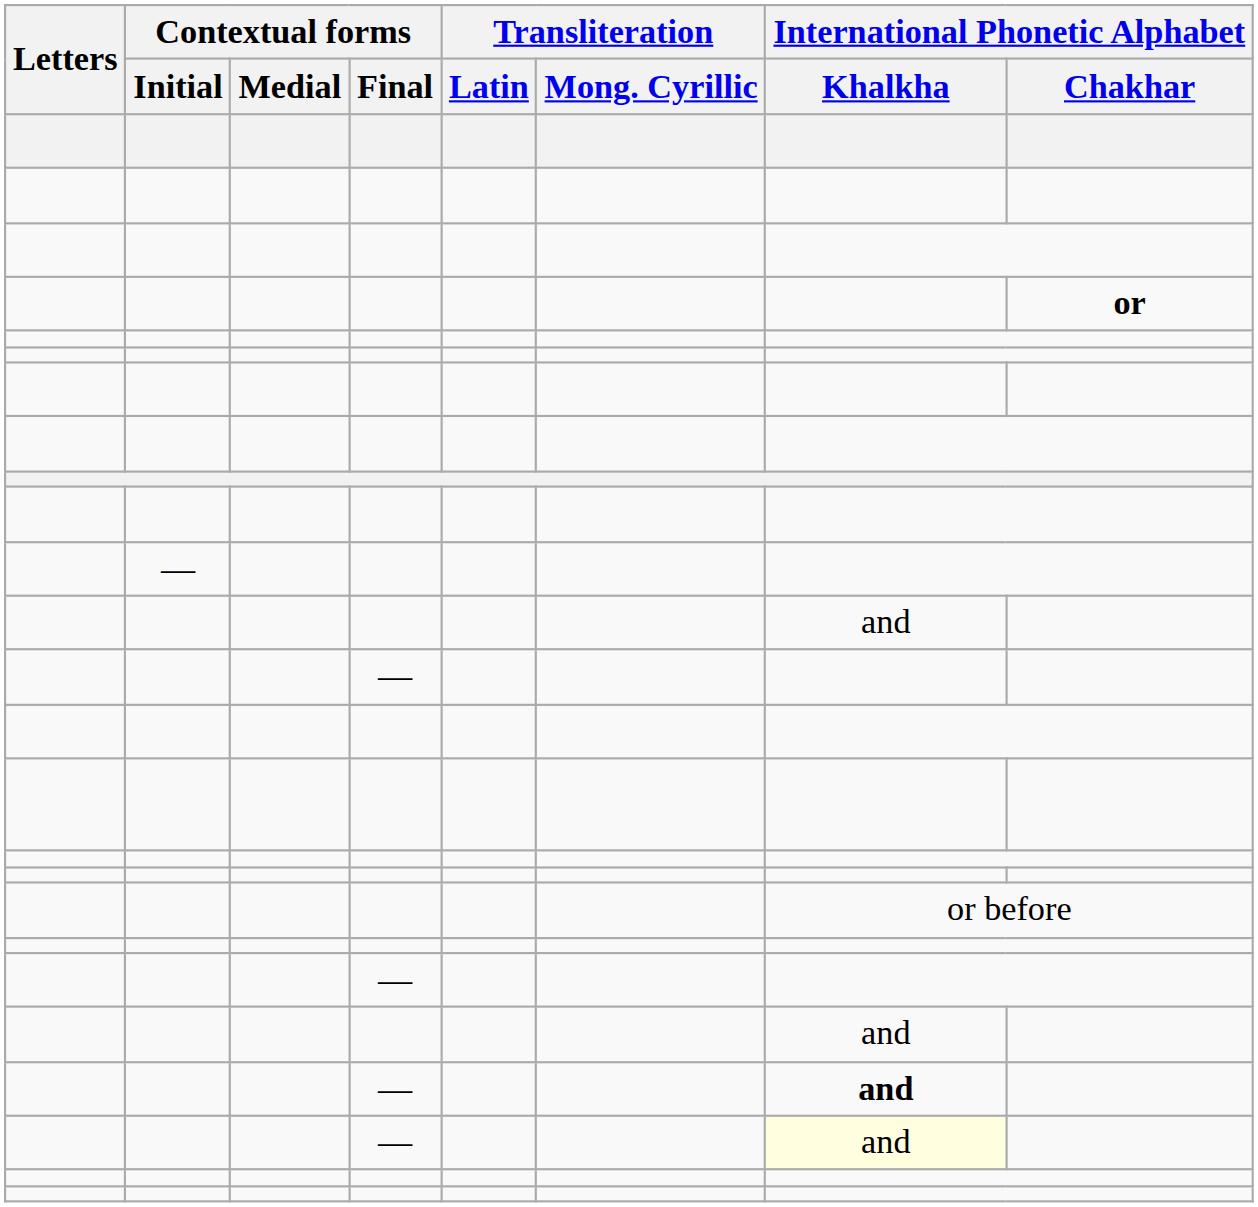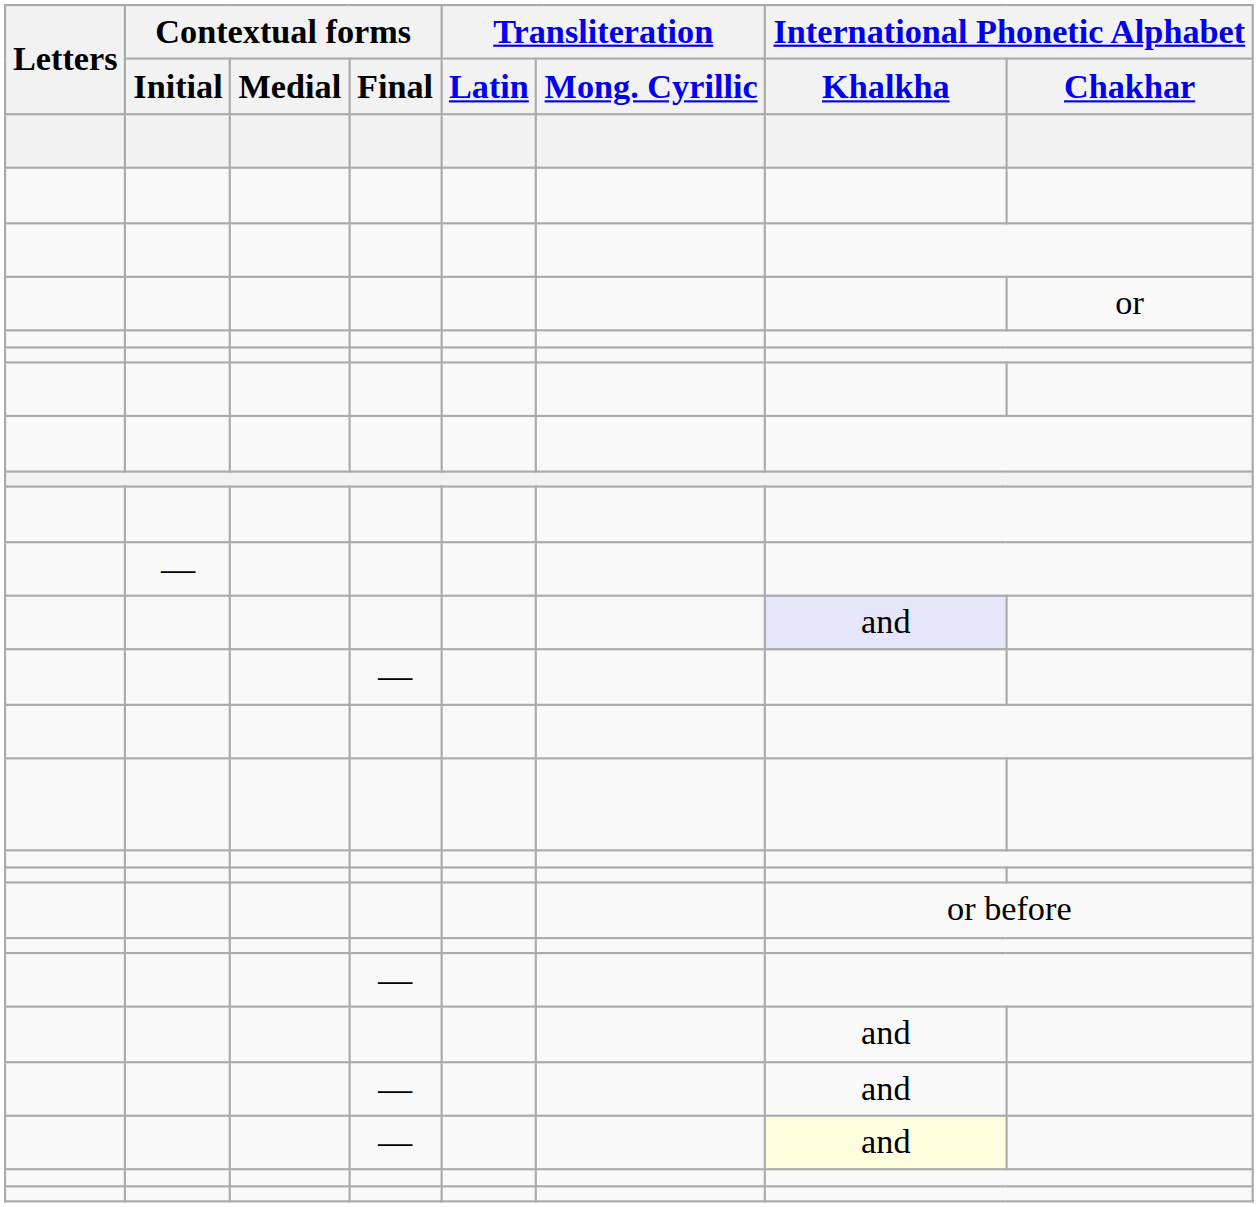 <table class="wikitable sortable" style="text-align:center;">
 <tr>
 <th rowspan="2">Letters</th>
 <th colspan="3">Contextual forms</th>
 <th colspan="2"><a href='#'>Transliteration</a></th>
 <th colspan="2"><a href='#'>International Phonetic Alphabet</a></th>
 </tr>
 <tr>
 <th>Initial</th>
 <th>Medial</th>
 <th>Final</th>
 <th><a href='#'>Latin</a></th>
 <th><a href='#'>Mong. Cyrillic</a></th>
 <th><a href='#'>Khalkha</a></th>
 <th><a href='#'>Chakhar</a></th>
 </tr>
 <tr>
 <th> </th>
 <th></th>
 <th></th>
 <th></th>
 <th></th>
 <th></th>
 <th></th>
 <th></th>
 </tr>
 <tr>
 <td></td>
 <td></td>
 <td></td>
 <td><br></td>
 <td></td>
 <td></td>
 <td></td>
 <td></td>
 </tr>
 <tr>
 <td></td>
 <td></td>
 <td></td>
 <td><br></td>
 <td></td>
 <td></td>
 <td colspan="2"></td>
 </tr>
 <tr>
 <td></td>
 <td></td>
 <td></td>
 <td></td>
 <td></td>
 <td></td>
 <td></td>
-<td><strong> or </strong></td>
+<td> or </td>
 </tr>
 <tr>
 <td></td>
 <td></td>
 <td></td>
 <td></td>
 <td></td>
 <td></td>
 <td colspan="2"></td>
 </tr>
 <tr>
 <td></td>
 <td></td>
 <td></td>
 <td></td>
 <td></td>
 <td></td>
 <td colspan="2"></td>
 </tr>
 <tr>
 <td></td>
 <td></td>
 <td><br></td>
 <td></td>
 <td></td>
 <td></td>
 <td></td>
 <td></td>
 </tr>
 <tr>
 <td></td>
 <td></td>
 <td><br></td>
 <td></td>
 <td></td>
 <td></td>
 <td colspan="2"></td>
 </tr>
 <tr>
 <th colspan="8"></th>
 </tr>
 <tr>
 <td></td>
 <td></td>
 <td><br></td>
 <td><br></td>
 <td></td>
 <td></td>
 <td colspan="2"></td>
 </tr>
 <tr>
 <td></td>
 <td>—</td>
 <td></td>
 <td></td>
 <td></td>
 <td></td>
 <td colspan="2"></td>
 </tr>
 <tr>
 <td></td>
 <td></td>
 <td></td>
 <td></td>
 <td></td>
 <td></td>
-<td> and </td>
+<td style="background: lavender;"> and </td>
 <td></td>
 </tr>
 <tr>
 <td></td>
 <td></td>
 <td></td>
 <td>—</td>
 <td></td>
 <td></td>
 <td></td>
 <td></td>
 </tr>
 <tr>
 <td></td>
 <td><br></td>
 <td><br></td>
 <td></td>
 <td><br></td>
 <td></td>
 <td colspan="2"></td>
 </tr>
 <tr>
 <td></td>
 <td><br></td>
 <td><br><br></td>
 <td><br><br></td>
 <td><br></td>
 <td></td>
 <td></td>
 <td></td>
 </tr>
 <tr>
 <td></td>
 <td></td>
 <td></td>
 <td></td>
 <td></td>
 <td></td>
 <td colspan="2"></td>
 </tr>
 <tr>
 <td></td>
 <td></td>
 <td></td>
 <td></td>
 <td></td>
 <td></td>
 <td></td>
 <td></td>
 </tr>
 <tr>
 <td></td>
 <td></td>
 <td></td>
 <td></td>
 <td></td>
 <td></td>
 <td colspan="2"> or  before <em></em></td>
 </tr>
 <tr>
 <td></td>
 <td></td>
 <td></td>
 <td></td>
 <td></td>
 <td></td>
 <td colspan="2"></td>
 </tr>
 <tr>
 <td></td>
 <td></td>
 <td></td>
 <td>—</td>
 <td></td>
 <td></td>
 <td colspan="2"></td>
 </tr>
 <tr>
 <td></td>
 <td></td>
 <td><br></td>
 <td></td>
 <td></td>
 <td></td>
 <td> and </td>
 <td></td>
 </tr>
 <tr>
 <td></td>
 <td></td>
 <td></td>
 <td>—</td>
 <td></td>
 <td></td>
-<td><strong> and </strong></td>
+<td> and </td>
 <td></td>
 </tr>
 <tr>
 <td></td>
 <td></td>
 <td></td>
 <td>—</td>
 <td></td>
 <td></td>
 <td style="background: lightyellow;"> and </td>
 <td></td>
 </tr>
 <tr>
 <td></td>
 <td></td>
 <td></td>
 <td></td>
 <td></td>
 <td></td>
 <td colspan="2"></td>
 </tr>
 <tr>
 <td></td>
 <td></td>
 <td></td>
 <td></td>
 <td></td>
 <td></td>
 <td colspan="2"></td>
 </tr>
 </table>
